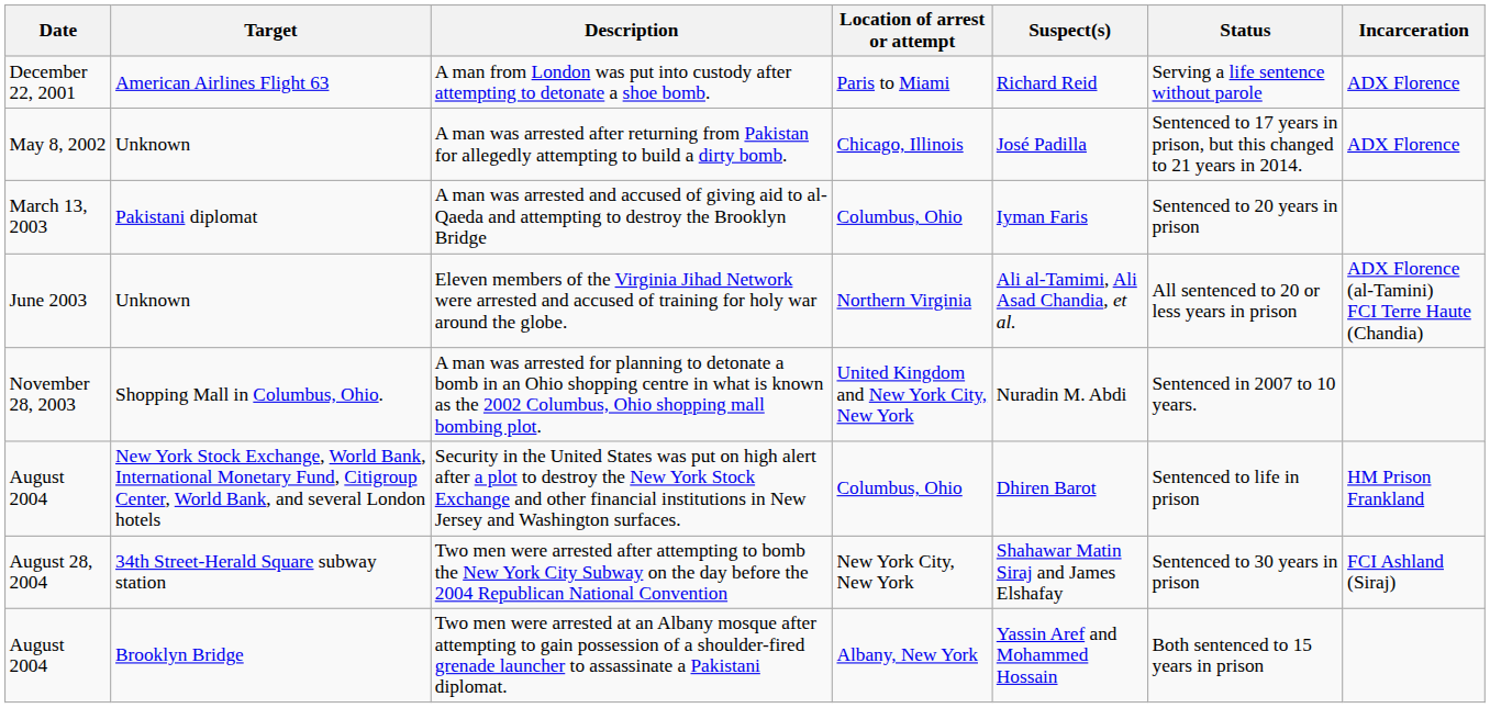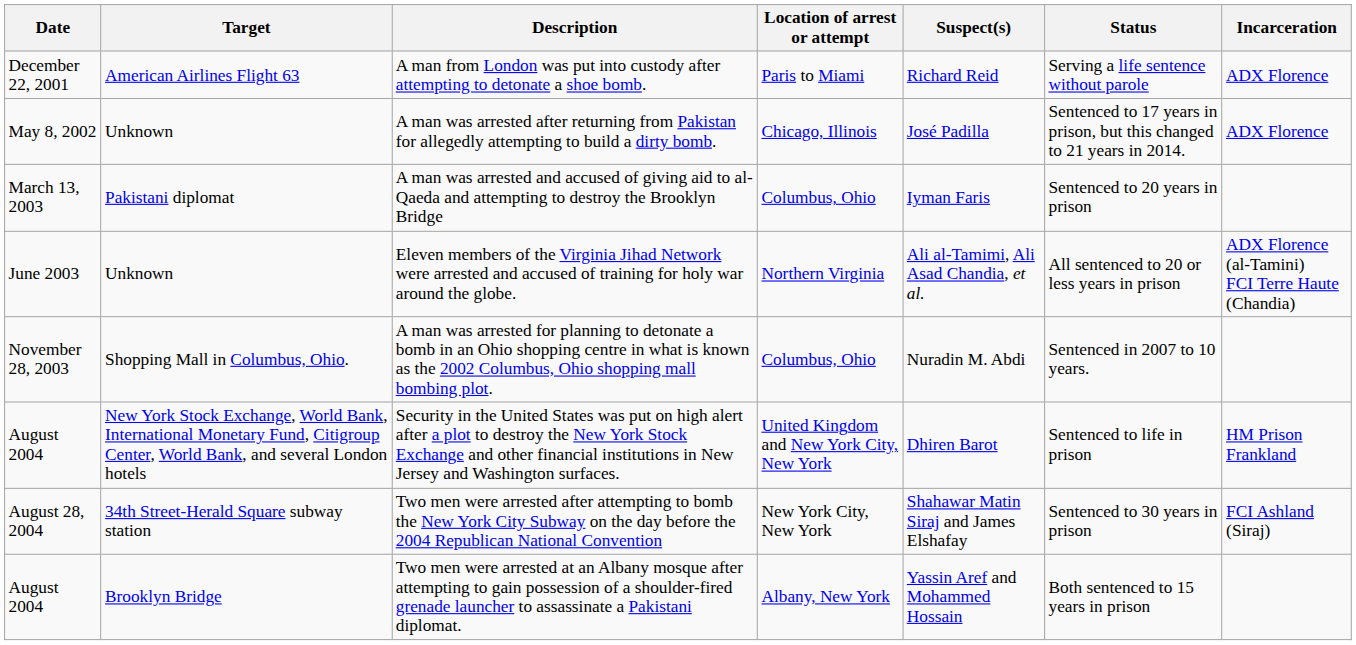 <table class="wikitable">
 <tr>
 <th>Date</th>
 <th>Target</th>
 <th>Description</th>
 <th>Location of arrest or attempt</th>
 <th>Suspect(s)</th>
 <th>Status</th>
 <th>Incarceration</th>
 </tr>
 <tr>
 <td>December 22, 2001</td>
 <td><a href='#'>American Airlines Flight 63</a></td>
 <td>A man from <a href='#'>London</a> was put into custody after <a href='#'>attempting to detonate</a> a <a href='#'>shoe bomb</a>.</td>
 <td><a href='#'>Paris</a> to <a href='#'>Miami</a></td>
 <td><a href='#'>Richard Reid</a></td>
 <td>Serving a <a href='#'>life sentence without parole</a></td>
 <td><a href='#'>ADX Florence</a></td>
 </tr>
 <tr>
 <td>May 8, 2002</td>
 <td>Unknown</td>
 <td>A man was arrested after returning from <a href='#'>Pakistan</a> for allegedly attempting to build a <a href='#'>dirty bomb</a>.</td>
 <td><a href='#'>Chicago, Illinois</a></td>
 <td><a href='#'>José Padilla</a></td>
 <td>Sentenced to 17 years in prison, but this changed to 21 years in 2014.</td>
 <td><a href='#'>ADX Florence</a></td>
 </tr>
 <tr>
 <td>March 13, 2003</td>
 <td><a href='#'>Pakistani</a> diplomat</td>
 <td>A man was arrested and accused of giving aid to al-Qaeda and attempting to destroy the Brooklyn Bridge</td>
 <td><a href='#'>Columbus, Ohio</a></td>
 <td><a href='#'>Iyman Faris</a></td>
 <td>Sentenced to 20 years in prison</td>
 </tr>
 <tr>
 <td>June 2003</td>
 <td>Unknown</td>
 <td>Eleven members of the <a href='#'>Virginia Jihad Network</a> were arrested and accused of training for holy war around the globe.</td>
 <td><a href='#'>Northern Virginia</a></td>
 <td><a href='#'>Ali al-Tamimi</a>, <a href='#'>Ali Asad Chandia</a>, <em>et al.</em></td>
 <td>All sentenced to 20 or less years in prison</td>
 <td><a href='#'>ADX Florence</a> (al-Tamini)<br><a href='#'>FCI Terre Haute</a> (Chandia)</td>
 </tr>
 <tr>
 <td>November 28, 2003</td>
 <td>Shopping Mall in <a href='#'>Columbus, Ohio</a>.</td>
 <td>A man was arrested for planning to detonate a bomb in an Ohio shopping centre in what is known as the <a href='#'>2002 Columbus, Ohio shopping mall bombing plot</a>.</td>
-<td><a href='#'>United Kingdom</a> and <a href='#'>New York City, New York</a></td>
+<td><a href='#'>Columbus, Ohio</a></td>
 <td>Nuradin M. Abdi</td>
 <td>Sentenced in 2007 to 10 years.</td>
 </tr>
 <tr>
 <td>August 2004</td>
 <td><a href='#'>New York Stock Exchange</a>, <a href='#'>World Bank</a>, <a href='#'>International Monetary Fund</a>, <a href='#'>Citigroup Center</a>, <a href='#'>World Bank</a>, and several London hotels</td>
 <td>Security in the United States was put on high alert after <a href='#'>a plot</a> to destroy the <a href='#'>New York Stock Exchange</a> and other financial institutions in New Jersey and Washington surfaces.</td>
-<td><a href='#'>Columbus, Ohio</a></td>
+<td><a href='#'>United Kingdom</a> and <a href='#'>New York City, New York</a></td>
 <td><a href='#'>Dhiren Barot</a></td>
 <td>Sentenced to life in prison</td>
 <td><a href='#'>HM Prison Frankland</a></td>
 </tr>
 <tr>
 <td>August 28, 2004</td>
 <td><a href='#'>34th Street-Herald Square</a> subway station</td>
 <td>Two men were arrested after attempting to bomb the <a href='#'>New York City Subway</a> on the day before the <a href='#'>2004 Republican National Convention</a></td>
 <td>New York City, New York</td>
 <td><a href='#'>Shahawar Matin Siraj</a> and James Elshafay</td>
 <td>Sentenced to 30 years in prison</td>
 <td><a href='#'>FCI Ashland</a> (Siraj)</td>
 </tr>
 <tr>
 <td>August 2004</td>
 <td><a href='#'>Brooklyn Bridge</a></td>
 <td>Two men were arrested at an Albany mosque after attempting to gain possession of a shoulder-fired <a href='#'>grenade launcher</a> to assassinate a <a href='#'>Pakistani</a> diplomat.</td>
 <td><a href='#'>Albany, New York</a></td>
 <td><a href='#'>Yassin Aref</a> and <a href='#'>Mohammed Hossain</a></td>
 <td>Both sentenced to 15 years in prison</td>
 </tr>
 </table>
